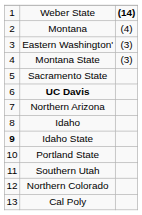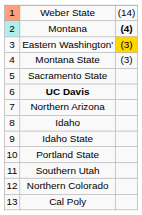 <table class="wikitable" style="display: inline-table;">
 <tr align="center">
 </tr>
 <tr align="center">
-<td>1</td>
+<td style="background: lightsalmon;">1</td>
 <td>Weber State</td>
-<td><strong>(14)</strong></td>
+<td>(14)</td>
 </tr>
 <tr align="center">
-<td>2</td>
+<td style="background: paleturquoise;">2</td>
 <td>Montana</td>
-<td>(4)</td>
+<td><strong>(4)</strong></td>
 </tr>
 <tr align="center">
 <td>3</td>
 <td>Eastern Washington'</td>
-<td>(3)</td>
+<td style="background: gold;">(3)</td>
 </tr>
 <tr align="center">
 <td>4</td>
 <td>Montana State</td>
 <td>(3)</td>
 </tr>
 <tr align="center">
 <td>5</td>
 <td>Sacramento State</td>
 <td></td>
 </tr>
 <tr align="center">
 <td>6</td>
 <td><strong>UC Davis</strong></td>
 <td></td>
 </tr>
 <tr align="center">
 <td>7</td>
 <td>Northern Arizona</td>
 <td></td>
 </tr>
 <tr align="center">
 <td>8</td>
 <td>Idaho</td>
 <td></td>
 </tr>
 <tr align="center">
-<td><strong>9</strong></td>
+<td>9</td>
 <td>Idaho State</td>
 <td></td>
 </tr>
 <tr align="center">
 <td>10</td>
 <td>Portland State</td>
 <td></td>
 </tr>
 <tr align="center">
 <td>11</td>
 <td>Southern Utah</td>
 <td></td>
 </tr>
 <tr align="center">
 <td>12</td>
 <td>Northern Colorado</td>
 <td></td>
 </tr>
 <tr align="center">
 <td>13</td>
 <td>Cal Poly</td>
 <td></td>
 </tr>
 </table>
